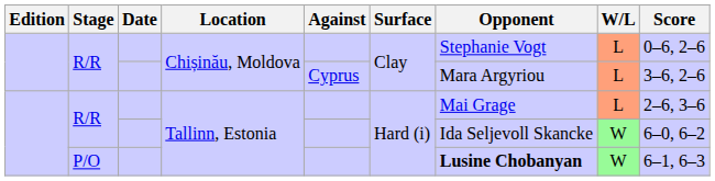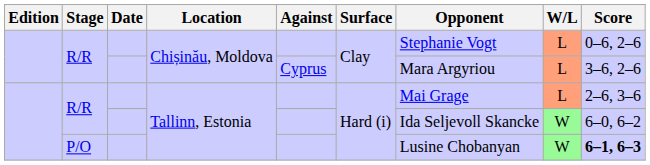 <table class=wikitable style=font-size:97%>
 <tr>
 <th>Edition</th>
 <th>Stage</th>
 <th>Date</th>
 <th>Location</th>
 <th>Against</th>
 <th>Surface</th>
 <th>Opponent</th>
 <th>W/L</th>
 <th>Score</th>
 </tr>
 <tr style="background:#ccf;">
 <td rowspan="2"></td>
 <td rowspan="2"><a href='#'>R/R</a></td>
 <td></td>
 <td rowspan="2"><a href='#'>Chișinău</a>, Moldova</td>
 <td> </td>
 <td rowspan="2">Clay</td>
 <td> <a href='#'>Stephanie Vogt</a></td>
 <td style="text-align:center; background:#ffa07a;">L</td>
 <td>0–6, 2–6</td>
 </tr>
 <tr style="background:#ccf;">
 <td></td>
 <td> <a href='#'>Cyprus</a></td>
 <td> Mara Argyriou</td>
 <td style="text-align:center; background:#ffa07a;">L</td>
 <td>3–6, 2–6</td>
 </tr>
 <tr style="background:#ccf;">
 <td rowspan="3"></td>
 <td rowspan="2"><a href='#'>R/R</a></td>
 <td></td>
 <td rowspan="3"><a href='#'>Tallinn</a>, Estonia</td>
 <td> </td>
 <td rowspan="3">Hard (i)</td>
 <td> <a href='#'>Mai Grage</a></td>
 <td style="text-align:center; background:#ffa07a;">L</td>
 <td>2–6, 3–6</td>
 </tr>
 <tr style="background:#ccf;">
 <td></td>
 <td> </td>
 <td> Ida Seljevoll Skancke</td>
 <td style="text-align:center; background:#98fb98;">W</td>
 <td>6–0, 6–2</td>
 </tr>
 <tr style="background:#ccf;">
 <td rowspan="1"><a href='#'>P/O</a></td>
 <td></td>
 <td> </td>
-<td><strong> Lusine Chobanyan</strong></td>
+<td> Lusine Chobanyan</td>
 <td style="text-align:center; background:#98fb98;">W</td>
-<td>6–1, 6–3</td>
+<td><strong>6–1, 6–3</strong></td>
 </tr>
 </table>
